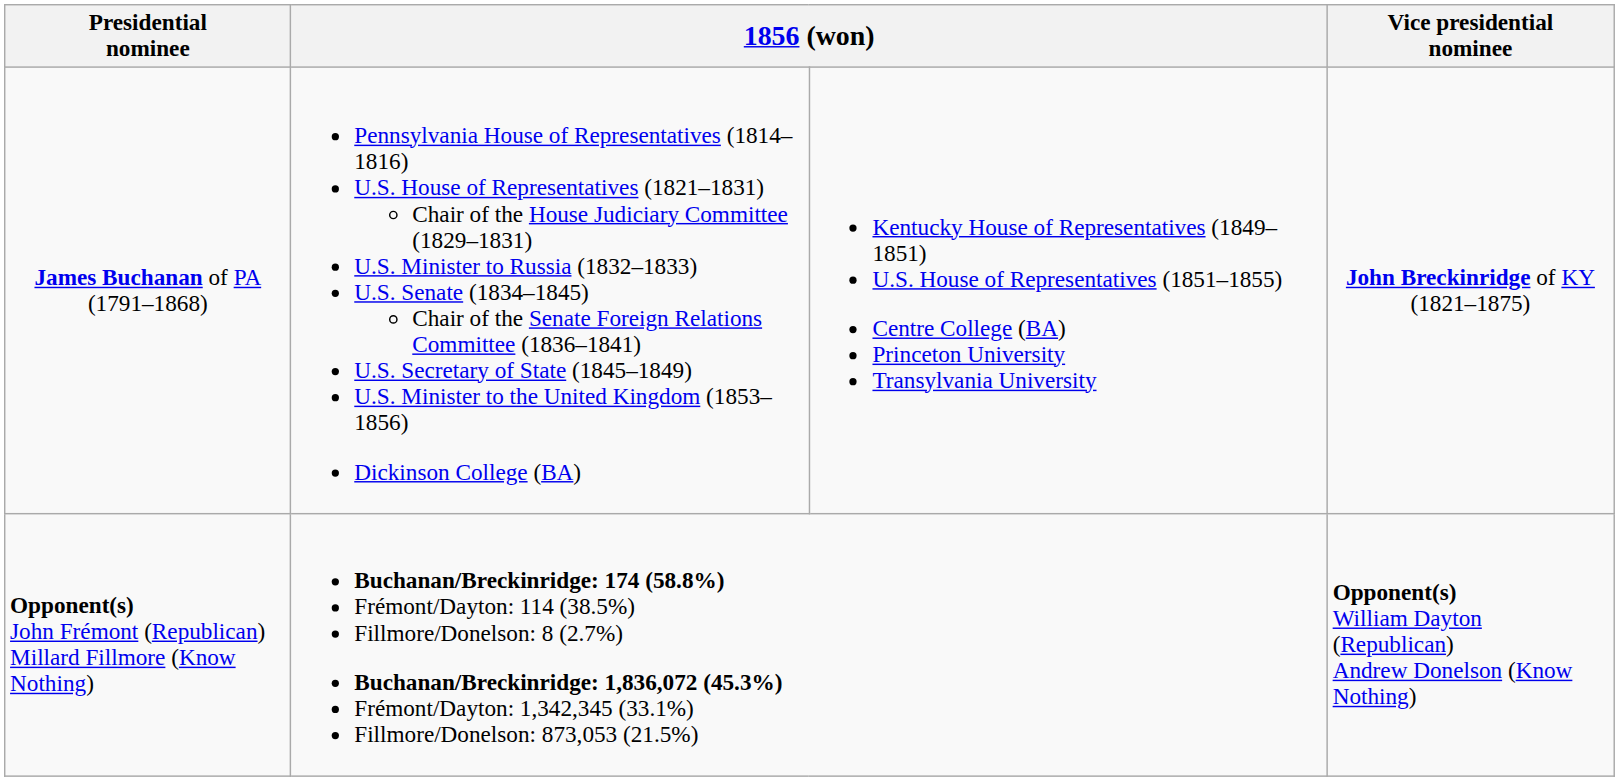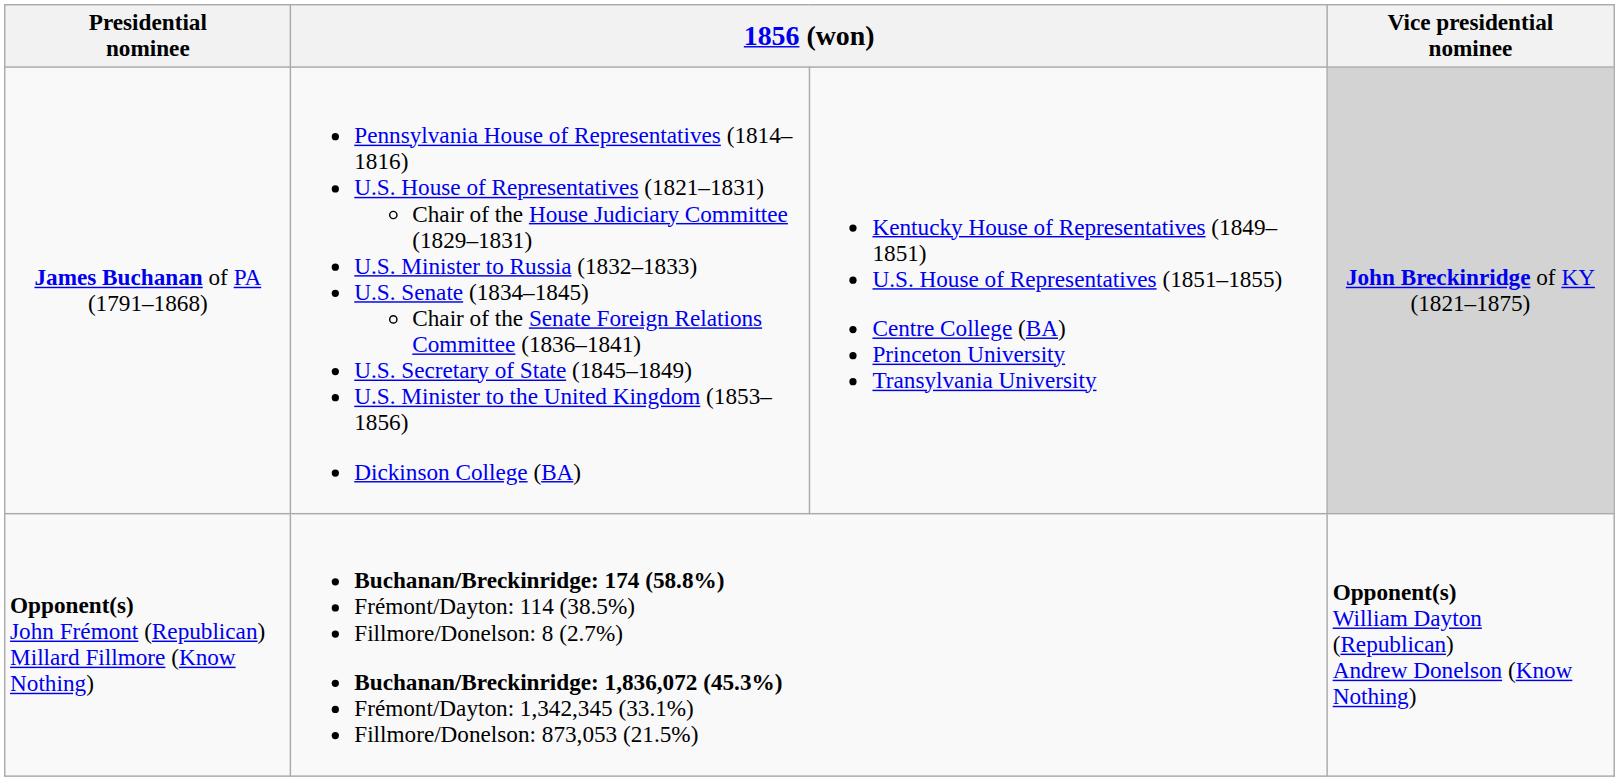 <table class="wikitable">
 <tr>
 <th width=190>Presidential<br>nominee</th>
 <th colspan=2><big><a href='#'>1856</a> (won)</big></th>
 <th width=190>Vice presidential<br>nominee</th>
 </tr>
 <tr>
 <td style="text-align:center;"><strong><a href='#'>James Buchanan</a></strong> of <a href='#'>PA</a><br>(1791–1868)<br></td>
 <td width=350><br><ul><li><a href='#'>Pennsylvania House of Representatives</a> (1814–1816)</li><li><a href='#'>U.S. House of Representatives</a> (1821–1831)<ul><li>Chair of the <a href='#'>House Judiciary Committee</a> (1829–1831)</li></ul></li><li><a href='#'>U.S. Minister to Russia</a> (1832–1833)</li><li><a href='#'>U.S. Senate</a> (1834–1845)<ul><li>Chair of the <a href='#'>Senate Foreign Relations Committee</a> (1836–1841)</li></ul></li><li><a href='#'>U.S. Secretary of State</a> (1845–1849)</li><li><a href='#'>U.S. Minister to the United Kingdom</a> (1853–1856)</li></ul><ul><li><a href='#'>Dickinson College</a> (<a href='#'>BA</a>)</li></ul></td>
 <td width=350><br><ul><li><a href='#'>Kentucky House of Representatives</a> (1849–1851)</li><li><a href='#'>U.S. House of Representatives</a> (1851–1855)</li></ul><ul><li><a href='#'>Centre College</a> (<a href='#'>BA</a>)</li><li><a href='#'>Princeton University</a></li><li><a href='#'>Transylvania University</a></li></ul></td>
-<td style="text-align:center;"><strong><a href='#'>John Breckinridge</a></strong> of <a href='#'>KY</a><br>(1821–1875)<br></td>
+<td style="background: lightgrey; text-align:center;"><strong><a href='#'>John Breckinridge</a></strong> of <a href='#'>KY</a><br>(1821–1875)<br></td>
 </tr>
 <tr>
 <td><strong>Opponent(s)</strong><br><a href='#'>John Frémont</a> (<a href='#'>Republican</a>)<br><a href='#'>Millard Fillmore</a> (<a href='#'>Know Nothing</a>)</td>
 <td colspan=2><br><ul><li><strong>Buchanan/Breckinridge: 174 (58.8%)</strong></li><li>Frémont/Dayton: 114 (38.5%)</li><li>Fillmore/Donelson: 8 (2.7%)</li></ul><ul><li><strong>Buchanan/Breckinridge: 1,836,072 (45.3%)</strong></li><li>Frémont/Dayton: 1,342,345 (33.1%)</li><li>Fillmore/Donelson: 873,053 (21.5%)</li></ul></td>
 <td><strong>Opponent(s)</strong><br><a href='#'>William Dayton</a> (<a href='#'>Republican</a>)<br><a href='#'>Andrew Donelson</a> (<a href='#'>Know Nothing</a>)</td>
 </tr>
 </table>
